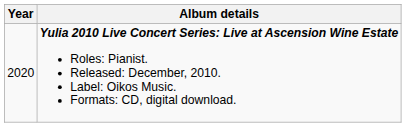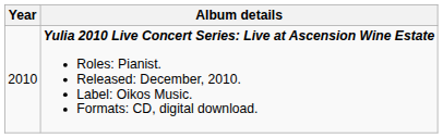 <table class="wikitable" style="text-align:center;">
 <tr>
 <th>Year</th>
 <th>Album details</th>
 </tr>
 <tr>
-<td>2020</td>
+<td>2010</td>
 <td align="left"><strong><em>Yulia 2010 Live Concert Series: Live at Ascension Wine Estate</em></strong><br><ul><li>Roles: Pianist.</li><li>Released: December, 2010.</li><li>Label: Oikos Music.</li><li>Formats: CD, digital download.</li></ul></td>
 </tr>
 </table>
